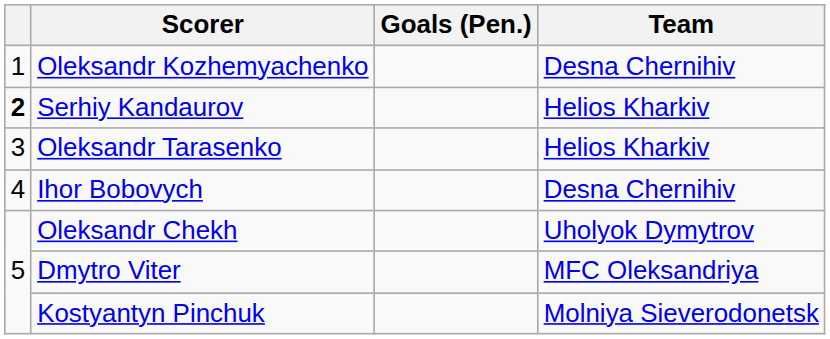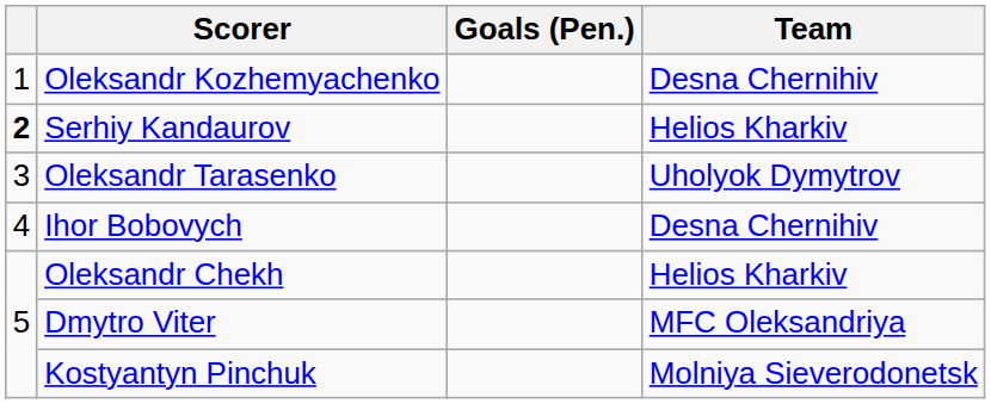 <table class="wikitable">
 <tr>
 <th></th>
 <th>Scorer</th>
 <th>Goals (Pen.)</th>
 <th>Team</th>
 </tr>
 <tr>
 <td>1</td>
 <td> <a href='#'>Oleksandr Kozhemyachenko</a></td>
 <td></td>
 <td><a href='#'>Desna Chernihiv</a></td>
 </tr>
 <tr>
 <td><strong>2</strong></td>
 <td> <a href='#'>Serhiy Kandaurov</a></td>
 <td></td>
 <td><a href='#'>Helios Kharkiv</a></td>
 </tr>
 <tr>
 <td>3</td>
 <td> <a href='#'>Oleksandr Tarasenko</a></td>
 <td></td>
-<td><a href='#'>Helios Kharkiv</a></td>
+<td><a href='#'>Uholyok Dymytrov</a></td>
 </tr>
 <tr>
 <td>4</td>
 <td> <a href='#'>Ihor Bobovych</a></td>
 <td></td>
 <td><a href='#'>Desna Chernihiv</a></td>
 </tr>
 <tr>
 <td rowspan="3">5</td>
 <td> <a href='#'>Oleksandr Chekh</a></td>
 <td></td>
-<td><a href='#'>Uholyok Dymytrov</a></td>
+<td><a href='#'>Helios Kharkiv</a></td>
 </tr>
 <tr>
 <td> <a href='#'>Dmytro Viter</a></td>
 <td></td>
 <td><a href='#'>MFC Oleksandriya</a></td>
 </tr>
 <tr>
 <td> <a href='#'>Kostyantyn Pinchuk</a></td>
 <td></td>
 <td><a href='#'>Molniya Sieverodonetsk</a></td>
 </tr>
 </table>
